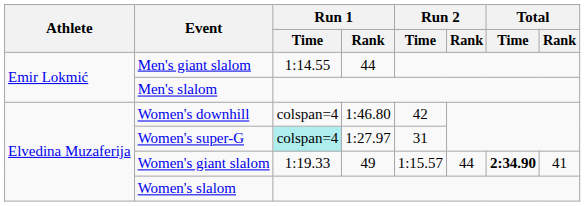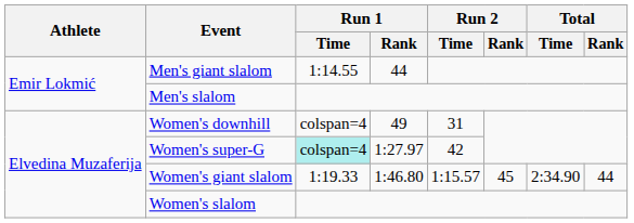 <table class="wikitable" style="font-size:90%">
 <tr>
 <th rowspan=2>Athlete</th>
 <th rowspan=2>Event</th>
 <th colspan=2>Run 1</th>
 <th colspan=2>Run 2</th>
 <th colspan=2>Total</th>
 </tr>
 <tr style="font-size:95%">
 <th>Time</th>
 <th>Rank</th>
 <th>Time</th>
 <th>Rank</th>
 <th>Time</th>
 <th>Rank</th>
 </tr>
 <tr align=center>
 <td align=left rowspan=2><a href='#'>Emir Lokmić</a></td>
 <td align=left><a href='#'>Men's giant slalom</a></td>
 <td>1:14.55</td>
 <td>44</td>
 <td colspan=4></td>
 </tr>
 <tr align=center>
 <td align=left><a href='#'>Men's slalom</a></td>
 <td colspan=6></td>
 </tr>
 <tr align=center>
 <td align=left rowspan=4><a href='#'>Elvedina Muzaferija</a></td>
 <td align=left><a href='#'>Women's downhill</a></td>
 <td>colspan=4 </td>
-<td>1:46.80</td>
-<td>42</td>
+<td>49</td>
+<td>31</td>
 </tr>
 <tr align=center>
 <td align=left><a href='#'>Women's super-G</a></td>
 <td style="background: paleturquoise;">colspan=4 </td>
 <td>1:27.97</td>
-<td>31</td>
+<td>42</td>
 </tr>
 <tr align=center>
 <td align=left><a href='#'>Women's giant slalom</a></td>
 <td>1:19.33</td>
-<td>49</td>
+<td>1:46.80</td>
 <td>1:15.57</td>
+<td>45</td>
+<td>2:34.90</td>
 <td>44</td>
-<td><strong>2:34.90</strong></td>
-<td>41</td>
 </tr>
 <tr align=center>
 <td align=left><a href='#'>Women's slalom</a></td>
 <td colspan=6></td>
 </tr>
 </table>
